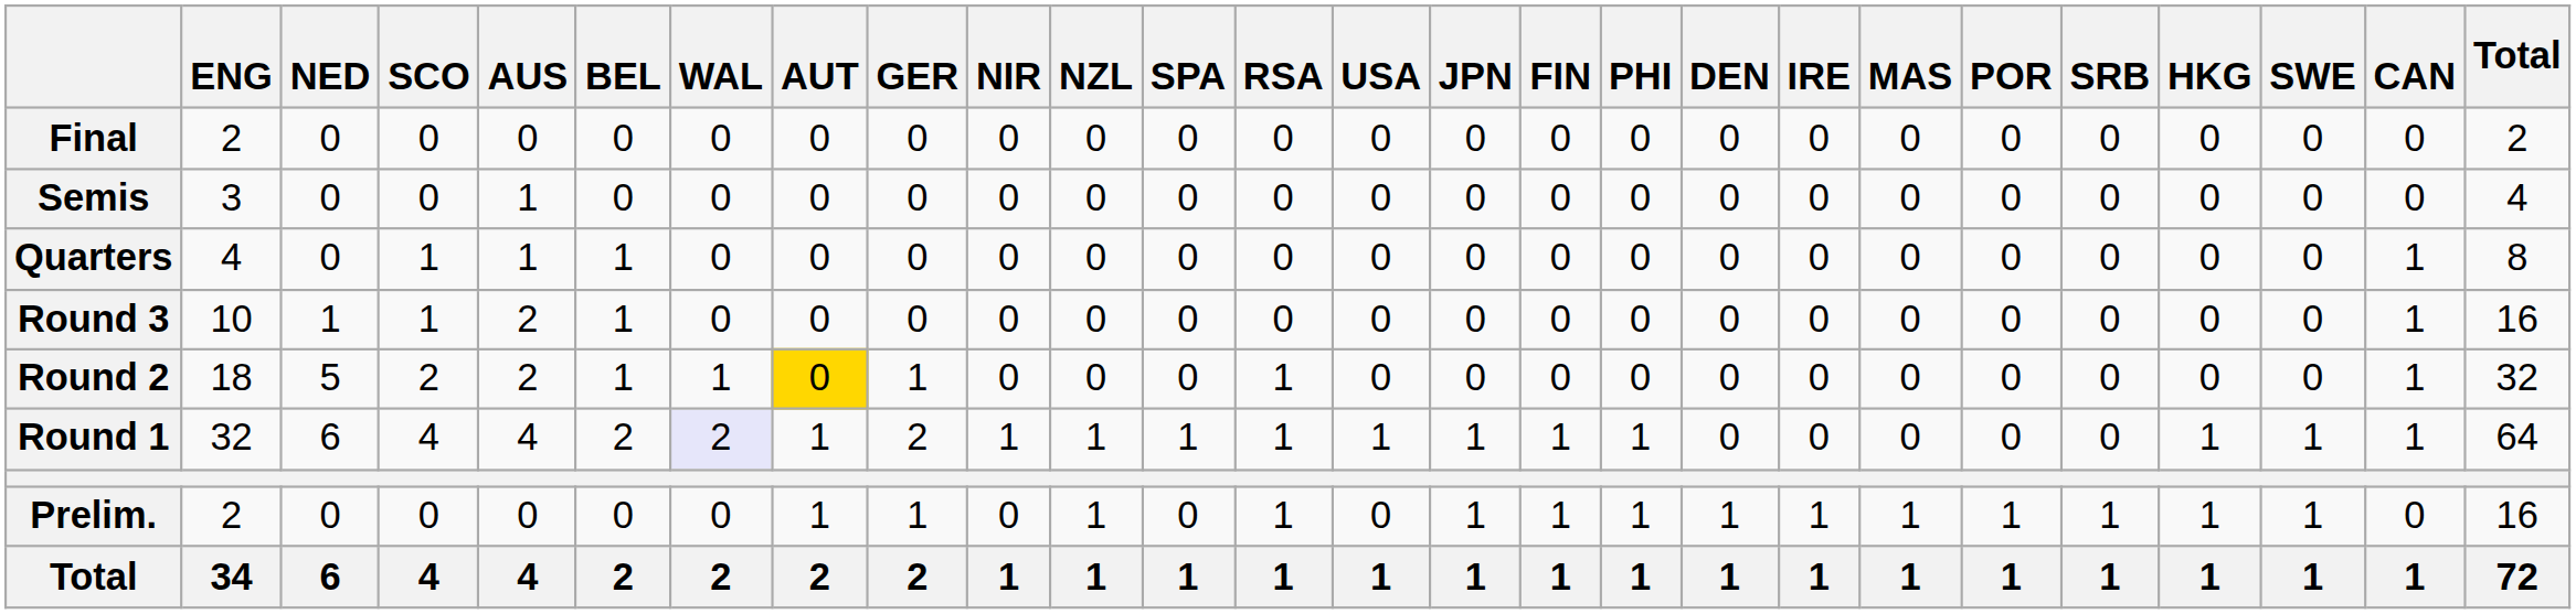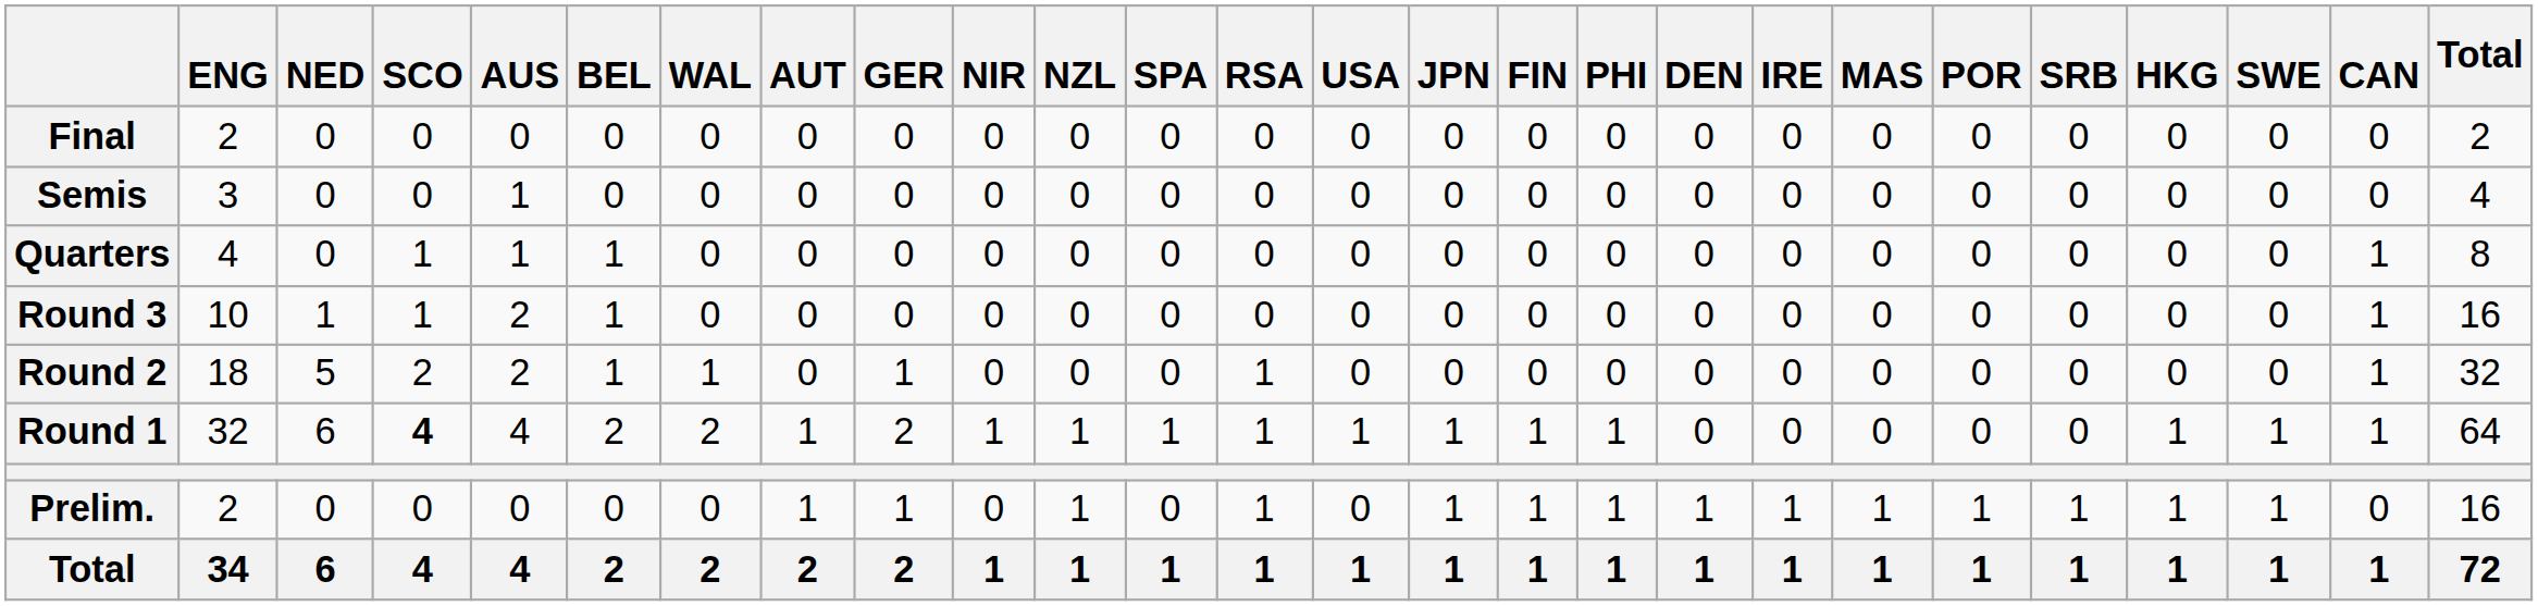 <table class="wikitable">
 <tr>
 <th></th>
 <th> <br>ENG</th>
 <th> <br>NED</th>
 <th> <br>SCO</th>
 <th> <br>AUS</th>
 <th> <br>BEL</th>
 <th> <br>WAL</th>
 <th> <br>AUT</th>
 <th> <br>GER</th>
 <th> <br>NIR</th>
 <th> <br>NZL</th>
 <th> <br>SPA</th>
 <th> <br>RSA</th>
 <th> <br>USA</th>
 <th> <br>JPN</th>
 <th> <br>FIN</th>
 <th> <br>PHI</th>
 <th> <br>DEN</th>
 <th> <br>IRE</th>
 <th> <br>MAS</th>
 <th> <br>POR</th>
 <th> <br>SRB</th>
 <th> <br>HKG</th>
 <th> <br>SWE</th>
 <th> <br>CAN</th>
 <th>Total</th>
 </tr>
 <tr align="center">
 <th>Final</th>
 <td>2</td>
 <td>0</td>
 <td>0</td>
 <td>0</td>
 <td>0</td>
 <td>0</td>
 <td>0</td>
 <td>0</td>
 <td>0</td>
 <td>0</td>
 <td>0</td>
 <td>0</td>
 <td>0</td>
 <td>0</td>
 <td>0</td>
 <td>0</td>
 <td>0</td>
 <td>0</td>
 <td>0</td>
 <td>0</td>
 <td>0</td>
 <td>0</td>
 <td>0</td>
 <td>0</td>
 <td>2</td>
 </tr>
 <tr align="center">
 <th>Semis</th>
 <td>3</td>
 <td>0</td>
 <td>0</td>
 <td>1</td>
 <td>0</td>
 <td>0</td>
 <td>0</td>
 <td>0</td>
 <td>0</td>
 <td>0</td>
 <td>0</td>
 <td>0</td>
 <td>0</td>
 <td>0</td>
 <td>0</td>
 <td>0</td>
 <td>0</td>
 <td>0</td>
 <td>0</td>
 <td>0</td>
 <td>0</td>
 <td>0</td>
 <td>0</td>
 <td>0</td>
 <td>4</td>
 </tr>
 <tr align="center">
 <th>Quarters</th>
 <td>4</td>
 <td>0</td>
 <td>1</td>
 <td>1</td>
 <td>1</td>
 <td>0</td>
 <td>0</td>
 <td>0</td>
 <td>0</td>
 <td>0</td>
 <td>0</td>
 <td>0</td>
 <td>0</td>
 <td>0</td>
 <td>0</td>
 <td>0</td>
 <td>0</td>
 <td>0</td>
 <td>0</td>
 <td>0</td>
 <td>0</td>
 <td>0</td>
 <td>0</td>
 <td>1</td>
 <td>8</td>
 </tr>
 <tr align="center">
 <th>Round 3</th>
 <td>10</td>
 <td>1</td>
 <td>1</td>
 <td>2</td>
 <td>1</td>
 <td>0</td>
 <td>0</td>
 <td>0</td>
 <td>0</td>
 <td>0</td>
 <td>0</td>
 <td>0</td>
 <td>0</td>
 <td>0</td>
 <td>0</td>
 <td>0</td>
 <td>0</td>
 <td>0</td>
 <td>0</td>
 <td>0</td>
 <td>0</td>
 <td>0</td>
 <td>0</td>
 <td>1</td>
 <td>16</td>
 </tr>
 <tr align="center">
 <th>Round 2</th>
 <td>18</td>
 <td>5</td>
 <td>2</td>
 <td>2</td>
 <td>1</td>
 <td>1</td>
-<td style="background: gold;">0</td>
+<td>0</td>
 <td>1</td>
 <td>0</td>
 <td>0</td>
 <td>0</td>
 <td>1</td>
 <td>0</td>
 <td>0</td>
 <td>0</td>
 <td>0</td>
 <td>0</td>
 <td>0</td>
 <td>0</td>
 <td>0</td>
 <td>0</td>
 <td>0</td>
 <td>0</td>
 <td>1</td>
 <td>32</td>
 </tr>
 <tr align="center">
 <th>Round 1</th>
 <td>32</td>
 <td>6</td>
-<td>4</td>
+<td><strong>4</strong></td>
 <td>4</td>
 <td>2</td>
-<td style="background: lavender;">2</td>
+<td>2</td>
 <td>1</td>
 <td>2</td>
 <td>1</td>
 <td>1</td>
 <td>1</td>
 <td>1</td>
 <td>1</td>
 <td>1</td>
 <td>1</td>
 <td>1</td>
 <td>0</td>
 <td>0</td>
 <td>0</td>
 <td>0</td>
 <td>0</td>
 <td>1</td>
 <td>1</td>
 <td>1</td>
 <td>64</td>
 </tr>
 <tr align="center">
 <th colspan=26></th>
 </tr>
 <tr align="center">
 <th>Prelim.</th>
 <td>2</td>
 <td>0</td>
 <td>0</td>
 <td>0</td>
 <td>0</td>
 <td>0</td>
 <td>1</td>
 <td>1</td>
 <td>0</td>
 <td>1</td>
 <td>0</td>
 <td>1</td>
 <td>0</td>
 <td>1</td>
 <td>1</td>
 <td>1</td>
 <td>1</td>
 <td>1</td>
 <td>1</td>
 <td>1</td>
 <td>1</td>
 <td>1</td>
 <td>1</td>
 <td>0</td>
 <td>16</td>
 </tr>
 <tr>
 <th>Total</th>
 <th>34</th>
 <th>6</th>
 <th>4</th>
 <th>4</th>
 <th>2</th>
 <th>2</th>
 <th>2</th>
 <th>2</th>
 <th>1</th>
 <th>1</th>
 <th>1</th>
 <th>1</th>
 <th>1</th>
 <th>1</th>
 <th>1</th>
 <th>1</th>
 <th>1</th>
 <th>1</th>
 <th>1</th>
 <th>1</th>
 <th>1</th>
 <th>1</th>
 <th>1</th>
 <th>1</th>
 <th>72</th>
 </tr>
 </table>
